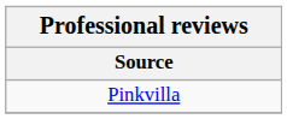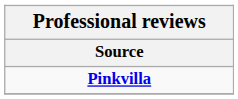 <table class="wikitable infobox" style="float:right; width:20%; font-size:80%; text-align:center; margin:0.5em 0 0.5em 1em; padding:0;" cellpadding="0">
 <tr>
 <th style="font-size:120%;">Professional reviews</th>
 </tr>
 <tr>
 <th>Source</th>
 </tr>
 <tr>
-<td><a href='#'>Pinkvilla</a></td>
+<td><strong><a href='#'>Pinkvilla</a></strong></td>
 </tr>
 <tr>
 </tr>
 </table>
